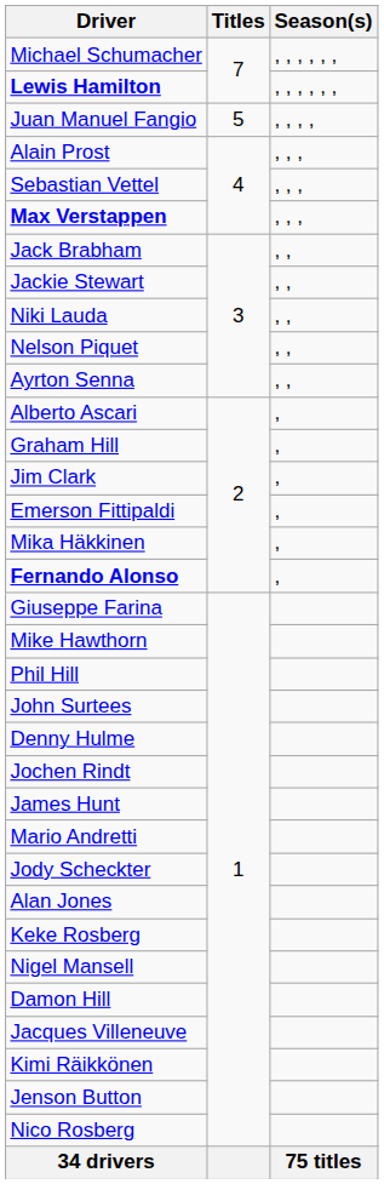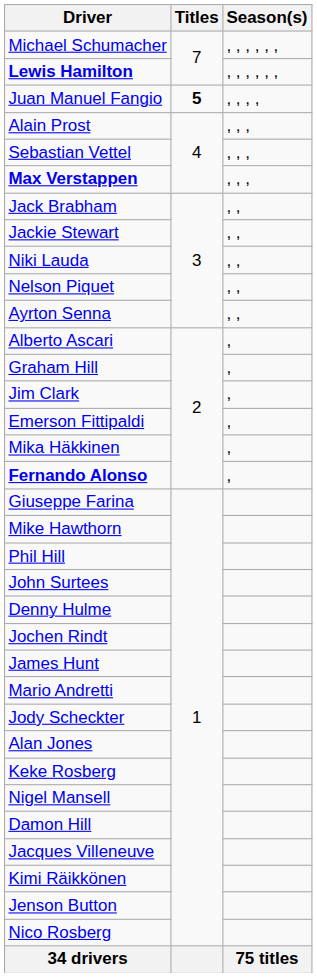 <table class="wikitable sortable">
 <tr>
 <th scope=col>Driver</th>
 <th scope=col>Titles</th>
 <th scope=col>Season(s)</th>
 </tr>
 <tr>
 <td data-sort-value="SCH"> <a href='#'>Michael Schumacher</a></td>
 <td align="center" rowspan=2>7</td>
 <td>, , , , , , </td>
 </tr>
 <tr>
 <td data-sort-value="HAM"> <strong><a href='#'>Lewis Hamilton</a></strong></td>
 <td>, , , , , , </td>
 </tr>
 <tr>
 <td data-sort-value="FAN"> <a href='#'>Juan Manuel Fangio</a></td>
-<td align="center" valign="center">5</td>
+<td align="center" valign="center"><strong>5</strong></td>
 <td>, , , , </td>
 </tr>
 <tr>
 <td data-sort-value="PRO"> <a href='#'>Alain Prost</a></td>
 <td align="center" rowspan=3>4</td>
 <td>, , , </td>
 </tr>
 <tr>
 <td data-sort-value="VET"> <a href='#'>Sebastian Vettel</a></td>
 <td>, , , </td>
 </tr>
 <tr>
 <td data-sort-value="VER"> <strong><a href='#'>Max Verstappen</a></strong></td>
 <td>, , , </td>
 </tr>
 <tr>
 <td data-sort-value="BRA"> <a href='#'>Jack Brabham</a></td>
 <td align="center" rowspan=5>3</td>
 <td>, , </td>
 </tr>
 <tr>
 <td data-sort-value="STE"> <a href='#'>Jackie Stewart</a></td>
 <td>, , </td>
 </tr>
 <tr>
 <td data-sort-value="LAU"> <a href='#'>Niki Lauda</a></td>
 <td>, , </td>
 </tr>
 <tr>
 <td data-sort-value="PIQ"> <a href='#'>Nelson Piquet</a></td>
 <td>, , </td>
 </tr>
 <tr>
 <td data-sort-value="SEN"> <a href='#'>Ayrton Senna</a></td>
 <td>, , </td>
 </tr>
 <tr>
 <td data-sort-value="ASC"> <a href='#'>Alberto Ascari</a></td>
 <td align="center" rowspan=6>2</td>
 <td>, </td>
 </tr>
 <tr>
 <td data-sort-value="HIL2"> <a href='#'>Graham Hill</a></td>
 <td>, </td>
 </tr>
 <tr>
 <td data-sort-value="CLA"> <a href='#'>Jim Clark</a></td>
 <td>, </td>
 </tr>
 <tr>
 <td data-sort-value="FIT"> <a href='#'>Emerson Fittipaldi</a></td>
 <td>, </td>
 </tr>
 <tr>
 <td data-sort-value="HAK"> <a href='#'>Mika Häkkinen</a></td>
 <td>, </td>
 </tr>
 <tr>
 <td data-sort-value="ALO"> <strong><a href='#'>Fernando Alonso</a></strong></td>
 <td>, </td>
 </tr>
 <tr>
 <td data-sort-value="FAR"> <a href='#'>Giuseppe Farina</a></td>
 <td align="center" rowspan=17>1</td>
 <td></td>
 </tr>
 <tr>
 <td data-sort-value="HAW"> <a href='#'>Mike Hawthorn</a></td>
 <td></td>
 </tr>
 <tr>
 <td data-sort-value="HIL3"> <a href='#'>Phil Hill</a></td>
 <td></td>
 </tr>
 <tr>
 <td data-sort-value="SUR"> <a href='#'>John Surtees</a></td>
 <td></td>
 </tr>
 <tr>
 <td data-sort-value="HUL"> <a href='#'>Denny Hulme</a></td>
 <td></td>
 </tr>
 <tr>
 <td data-sort-value="RIN"> <a href='#'>Jochen Rindt</a></td>
 <td></td>
 </tr>
 <tr>
 <td data-sort-value="HUN"> <a href='#'>James Hunt</a></td>
 <td></td>
 </tr>
 <tr>
 <td data-sort-value="AND"> <a href='#'>Mario Andretti</a></td>
 <td></td>
 </tr>
 <tr>
 <td data-sort-value="SCH"> <a href='#'>Jody Scheckter</a></td>
 <td></td>
 </tr>
 <tr>
 <td data-sort-value="JON"> <a href='#'>Alan Jones</a></td>
 <td></td>
 </tr>
 <tr>
 <td data-sort-value="ROS1"> <a href='#'>Keke Rosberg</a></td>
 <td></td>
 </tr>
 <tr>
 <td data-sort-value="MAN"> <a href='#'>Nigel Mansell</a></td>
 <td></td>
 </tr>
 <tr>
 <td data-sort-value="HIL1"> <a href='#'>Damon Hill</a></td>
 <td></td>
 </tr>
 <tr>
 <td data-sort-value="VIL"> <a href='#'>Jacques Villeneuve</a></td>
 <td></td>
 </tr>
 <tr>
 <td data-sort-value="RAI"> <a href='#'>Kimi Räikkönen</a></td>
 <td></td>
 </tr>
 <tr>
 <td data-sort-value="BUT"> <a href='#'>Jenson Button</a></td>
 <td></td>
 </tr>
 <tr>
 <td data-sort-value="ROS2"> <a href='#'>Nico Rosberg</a></td>
 <td></td>
 </tr>
 <tr>
 <th>34 drivers</th>
 <th></th>
 <th>75 titles</th>
 </tr>
 </table>
